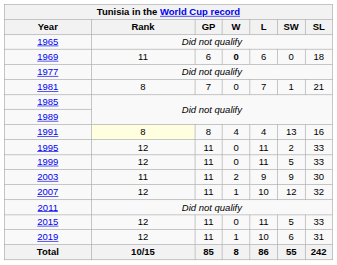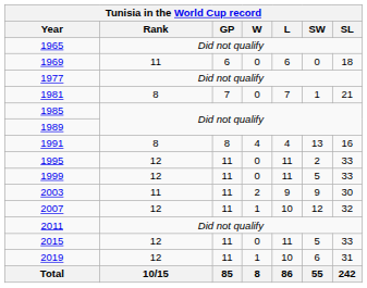 <table class="wikitable" style="text-align: center;font-size:90%;">
 <tr>
 <th colspan=10>Tunisia in the <a href='#'>World Cup record</a></th>
 </tr>
 <tr>
 <th width=125>Year</th>
 <th width=150>Rank</th>
 <th width=35>GP</th>
 <th width=35>W</th>
 <th width=35>L</th>
 <th width=35>SW</th>
 <th width=35>SL</th>
 </tr>
 <tr>
 <td> <a href='#'>1965</a></td>
 <td colspan=6><em>Did not qualify</em></td>
 </tr>
 <tr>
 <td> <a href='#'>1969</a></td>
 <td>11</td>
 <td>6</td>
-<td><strong>0</strong></td>
+<td>0</td>
 <td>6</td>
 <td>0</td>
 <td>18</td>
 </tr>
 <tr>
 <td> <a href='#'>1977</a></td>
 <td colspan=6><em>Did not qualify</em></td>
 </tr>
 <tr>
 <td> <a href='#'>1981</a></td>
 <td>8</td>
 <td>7</td>
 <td>0</td>
 <td>7</td>
 <td>1</td>
 <td>21</td>
 </tr>
 <tr>
 <td> <a href='#'>1985</a></td>
 <td colspan=6 rowspan=2><em>Did not qualify</em></td>
 </tr>
 <tr>
 <td> <a href='#'>1989</a></td>
 </tr>
 <tr>
 <td> <a href='#'>1991</a></td>
-<td style="background: lightyellow;">8</td>
+<td>8</td>
 <td>8</td>
 <td>4</td>
 <td>4</td>
 <td>13</td>
 <td>16</td>
 </tr>
 <tr>
 <td> <a href='#'>1995</a></td>
 <td>12</td>
 <td>11</td>
 <td>0</td>
 <td>11</td>
 <td>2</td>
 <td>33</td>
 </tr>
 <tr>
 <td> <a href='#'>1999</a></td>
 <td>12</td>
 <td>11</td>
 <td>0</td>
 <td>11</td>
 <td>5</td>
 <td>33</td>
 </tr>
 <tr>
 <td> <a href='#'>2003</a></td>
 <td>11</td>
 <td>11</td>
 <td>2</td>
 <td>9</td>
 <td>9</td>
 <td>30</td>
 </tr>
 <tr>
 <td> <a href='#'>2007</a></td>
 <td>12</td>
 <td>11</td>
 <td>1</td>
 <td>10</td>
 <td>12</td>
 <td>32</td>
 </tr>
 <tr>
 <td> <a href='#'>2011</a></td>
 <td colspan=6><em>Did not qualify</em></td>
 </tr>
 <tr>
 <td> <a href='#'>2015</a></td>
 <td>12</td>
 <td>11</td>
 <td>0</td>
 <td>11</td>
 <td>5</td>
 <td>33</td>
 </tr>
 <tr>
 <td> <a href='#'>2019</a></td>
 <td>12</td>
 <td>11</td>
 <td>1</td>
 <td>10</td>
 <td>6</td>
 <td>31</td>
 </tr>
 <tr>
 <th>Total</th>
 <th>10/15</th>
 <th>85</th>
 <th>8</th>
 <th>86</th>
 <th>55</th>
 <th>242</th>
 </tr>
 </table>
